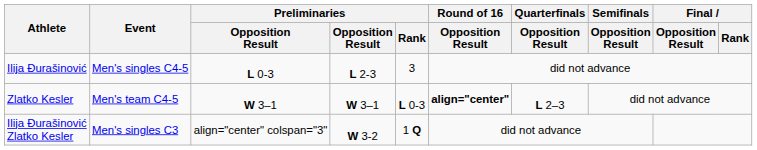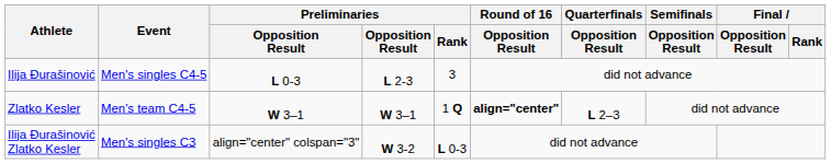 <table class=wikitable style="font-size:90%">
 <tr>
 <th rowspan="2">Athlete</th>
 <th rowspan="2">Event</th>
 <th colspan="3">Preliminaries</th>
 <th>Round of 16</th>
 <th>Quarterfinals</th>
 <th>Semifinals</th>
 <th colspan="2">Final / </th>
 </tr>
 <tr>
 <th>Opposition<br>Result</th>
 <th>Opposition<br>Result</th>
 <th>Rank</th>
 <th>Opposition<br>Result</th>
 <th>Opposition<br>Result</th>
 <th>Opposition<br>Result</th>
 <th>Opposition<br>Result</th>
 <th>Rank</th>
 </tr>
 <tr>
 <td><a href='#'>Ilija Đurašinović</a></td>
 <td><a href='#'>Men's singles C4-5</a></td>
 <td align="center"><br><strong>L</strong> 0-3</td>
 <td align="center"><br><strong>L</strong> 2-3</td>
 <td align="center">3</td>
 <td align="center" colspan="5">did not advance</td>
 </tr>
 <tr>
 <td><a href='#'>Zlatko Kesler</a></td>
 <td><a href='#'>Men's team C4-5</a></td>
 <td align="center"><br><strong>W</strong> 3–1</td>
 <td align="center"><br><strong>W</strong> 3–1</td>
-<td align="center"><br><strong>L</strong> 0-3</td>
+<td align="center">1 <strong>Q</strong></td>
 <td><strong>align="center" </strong></td>
 <td align="center"><br><strong>L</strong> 2–3</td>
 <td align="center" colspan="3">did not advance</td>
 </tr>
 <tr>
 <td><a href='#'>Ilija Đurašinović</a><br> <a href='#'>Zlatko Kesler</a></td>
 <td><a href='#'>Men's singles C3</a></td>
 <td>align="center" colspan="3" </td>
 <td align="center"><br><strong>W</strong> 3-2</td>
-<td align="center">1 <strong>Q</strong></td>
+<td align="center"><br><strong>L</strong> 0-3</td>
 <td align="center" colspan="3">did not advance</td>
 </tr>
 </table>
